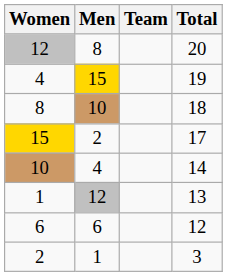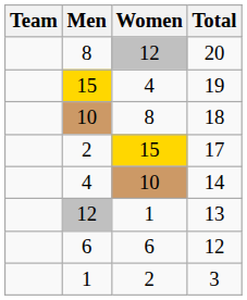 <table class="wikitable sortable" style="text-align:center">
 <tr>
+<th>Team</th>
+<th>Men</th>
 <th>Women</th>
-<th>Men</th>
-<th>Team</th>
 <th>Total</th>
 </tr>
 <tr>
+<td align=left></td>
+<td>8</td>
 <td bgcolor=silver>12</td>
-<td>8</td>
-<td align=left></td>
 <td>20</td>
 </tr>
 <tr>
+<td align=left></td>
+<td bgcolor=gold>15</td>
 <td>4</td>
-<td bgcolor=gold>15</td>
-<td align=left></td>
 <td>19</td>
 </tr>
 <tr>
+<td align=left></td>
+<td bgcolor=#CC9966>10</td>
 <td>8</td>
-<td bgcolor=#CC9966>10</td>
-<td align=left></td>
 <td>18</td>
 </tr>
 <tr>
+<td align=left></td>
+<td>2</td>
 <td bgcolor=gold>15</td>
-<td>2</td>
-<td align=left></td>
 <td>17</td>
 </tr>
 <tr>
+<td align=left></td>
+<td>4</td>
 <td bgcolor=#CC9966>10</td>
-<td>4</td>
-<td align=left></td>
 <td>14</td>
 </tr>
 <tr>
+<td align=left></td>
+<td bgcolor=silver>12</td>
 <td>1</td>
-<td bgcolor=silver>12</td>
-<td align=left></td>
 <td>13</td>
 </tr>
 <tr>
+<td align=left></td>
 <td>6</td>
 <td>6</td>
-<td align=left></td>
 <td>12</td>
 </tr>
 <tr>
+<td align=left></td>
+<td>1</td>
 <td>2</td>
-<td>1</td>
-<td align=left></td>
 <td>3</td>
 </tr>
 </table>
